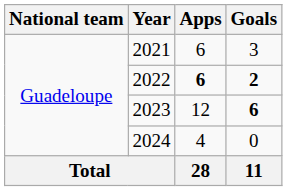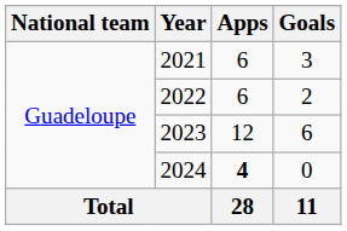 <table class=wikitable style=text-align:center>
 <tr>
 <th>National team</th>
 <th>Year</th>
 <th>Apps</th>
 <th>Goals</th>
 </tr>
 <tr>
 <td rowspan="4"><a href='#'>Guadeloupe</a></td>
 <td>2021</td>
 <td>6</td>
 <td>3</td>
 </tr>
 <tr>
 <td>2022</td>
-<td><strong>6</strong></td>
-<td><strong>2</strong></td>
+<td>6</td>
+<td>2</td>
 </tr>
 <tr>
 <td>2023</td>
 <td>12</td>
-<td><strong>6</strong></td>
+<td>6</td>
 </tr>
 <tr>
 <td>2024</td>
-<td>4</td>
+<td><strong>4</strong></td>
 <td>0</td>
 </tr>
 <tr>
 <th colspan=2>Total</th>
 <th>28</th>
 <th>11</th>
 </tr>
 </table>
